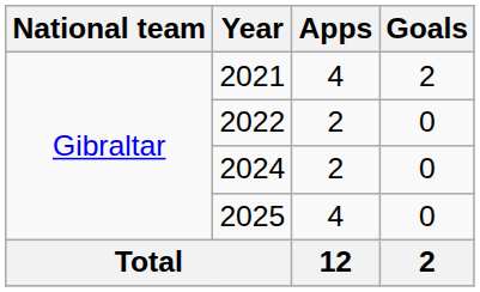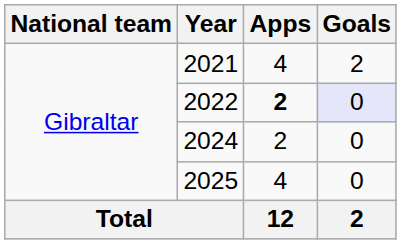 <table class=wikitable style="text-align: center;">
 <tr>
 <th>National team</th>
 <th>Year</th>
 <th>Apps</th>
 <th>Goals</th>
 </tr>
 <tr>
 <td rowspan=4><a href='#'>Gibraltar</a></td>
 <td>2021</td>
 <td>4</td>
 <td>2</td>
 </tr>
 <tr>
 <td>2022</td>
-<td>2</td>
-<td>0</td>
+<td><strong>2</strong></td>
+<td style="background: lavender;">0</td>
 </tr>
 <tr>
 <td>2024</td>
 <td>2</td>
 <td>0</td>
 </tr>
 <tr>
 <td>2025</td>
 <td>4</td>
 <td>0</td>
 </tr>
 <tr>
 <th colspan=2>Total</th>
 <th>12</th>
 <th>2</th>
 </tr>
 </table>
